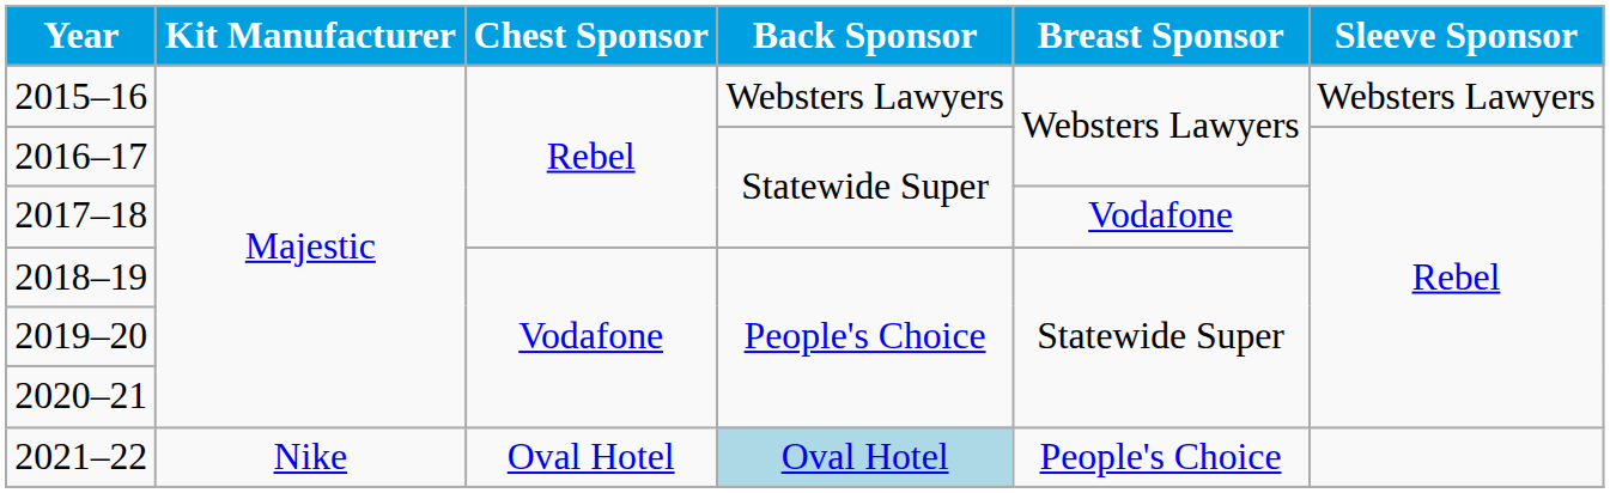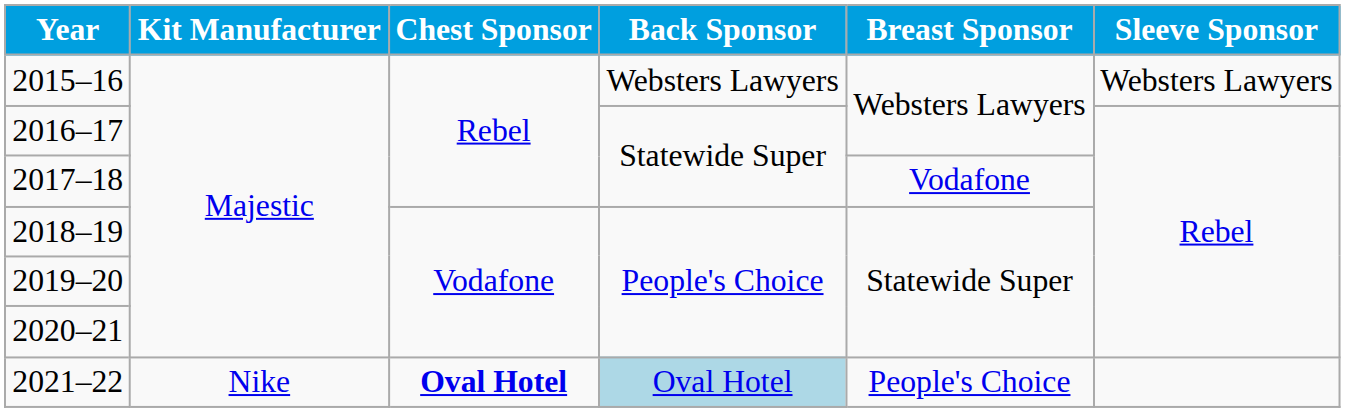 <table class="wikitable">
 <tr>
 <th style="background:#009FDF; color:white">Year</th>
 <th style="background:#009FDF; color:white">Kit Manufacturer</th>
 <th style="background:#009FDF; color:white">Chest Sponsor</th>
 <th style="background:#009FDF; color:white">Back Sponsor</th>
 <th style="background:#009FDF; color:white">Breast Sponsor</th>
 <th style="background:#009FDF; color:white">Sleeve Sponsor</th>
 </tr>
 <tr align=center>
 <td>2015–16</td>
 <td rowspan="6"><a href='#'>Majestic</a></td>
 <td rowspan="3"><a href='#'>Rebel</a></td>
 <td>Websters Lawyers</td>
 <td rowspan="2">Websters Lawyers</td>
 <td>Websters Lawyers</td>
 </tr>
 <tr align=center>
 <td>2016–17</td>
 <td rowspan="2">Statewide Super</td>
 <td rowspan="5"><a href='#'>Rebel</a></td>
 </tr>
 <tr align=center>
 <td>2017–18</td>
 <td><a href='#'>Vodafone</a></td>
 </tr>
 <tr align=center>
 <td>2018–19</td>
 <td rowspan="3"><a href='#'>Vodafone</a></td>
 <td rowspan="3"><a href='#'>People's Choice</a></td>
 <td rowspan="3">Statewide Super</td>
 </tr>
 <tr align=center>
 <td>2019–20</td>
 </tr>
 <tr align=center>
 <td>2020–21</td>
 </tr>
 <tr align=center>
 <td>2021–22</td>
 <td><a href='#'>Nike</a></td>
-<td><a href='#'>Oval Hotel</a></td>
+<td><strong><a href='#'>Oval Hotel</a></strong></td>
 <td style="background: lightblue;"><a href='#'>Oval Hotel</a></td>
 <td><a href='#'>People's Choice</a></td>
 <td></td>
 </tr>
 </table>
